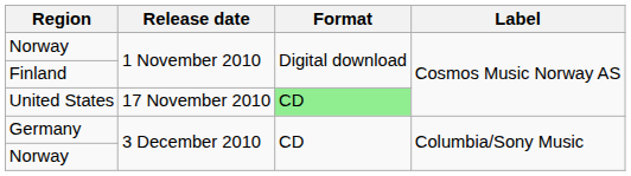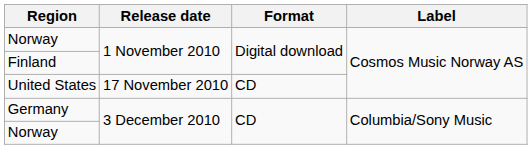 <table class="wikitable">
 <tr>
 <th>Region</th>
 <th>Release date</th>
 <th>Format</th>
 <th>Label</th>
 </tr>
 <tr>
 <td>Norway</td>
 <td rowspan="2">1 November 2010</td>
 <td rowspan="2">Digital download</td>
 <td rowspan="3">Cosmos Music Norway AS</td>
 </tr>
 <tr>
 <td>Finland</td>
 </tr>
 <tr>
 <td>United States</td>
 <td>17 November 2010</td>
-<td style="background: lightgreen;">CD</td>
+<td>CD</td>
 </tr>
 <tr>
 <td>Germany</td>
 <td rowspan="2">3 December 2010</td>
 <td rowspan="2">CD</td>
 <td rowspan="2">Columbia/Sony Music</td>
 </tr>
 <tr>
 <td>Norway</td>
 </tr>
 </table>
